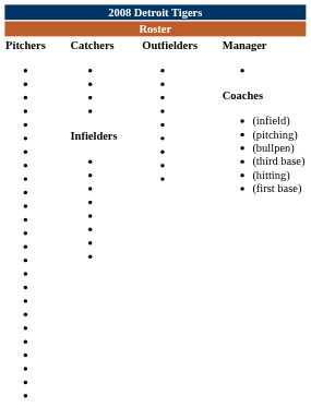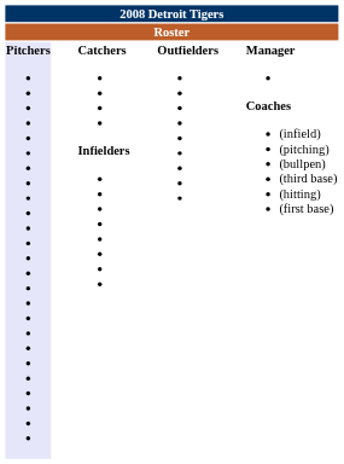 <table class="toccolours" style="font-size: 95%;">
 <tr>
 <th colspan="10" style="background-color: #003366; color: white; text-align: center;">2008 Detroit Tigers</th>
 </tr>
 <tr>
 <td colspan="10" style="background-color: #bd5d29; color: white; text-align: center;"><strong>Roster</strong></td>
 </tr>
 <tr>
-<td valign="top"><strong>Pitchers</strong><br><ul><li></li><li></li><li></li><li></li><li></li><li></li><li></li><li></li><li></li><li></li><li></li><li></li><li></li><li></li><li></li><li></li><li></li><li></li><li></li><li></li><li></li><li></li><li></li><li></li><li></li></ul></td>
+<td valign="top" style="background: lavender;"><strong>Pitchers</strong><br><ul><li></li><li></li><li></li><li></li><li></li><li></li><li></li><li></li><li></li><li></li><li></li><li></li><li></li><li></li><li></li><li></li><li></li><li></li><li></li><li></li><li></li><li></li><li></li><li></li><li></li></ul></td>
 <td width="25px"></td>
 <td valign="top"><strong>Catchers</strong><br><ul><li></li><li></li><li></li><li></li></ul><strong>Infielders</strong><ul><li></li><li></li><li></li><li></li><li></li><li></li><li></li><li></li></ul></td>
 <td width="25px"></td>
 <td valign="top"><strong>Outfielders</strong><br><ul><li></li><li></li><li></li><li></li><li></li><li></li><li></li><li></li><li></li></ul></td>
 <td width="25px"></td>
 <td valign="top"><strong>Manager</strong><br><ul><li></li></ul><strong>Coaches</strong><ul><li> (infield)</li><li> (pitching)</li><li> (bullpen)</li><li> (third base)</li><li> (hitting)</li><li> (first base)</li></ul></td>
 </tr>
 <tr>
 </tr>
 </table>
